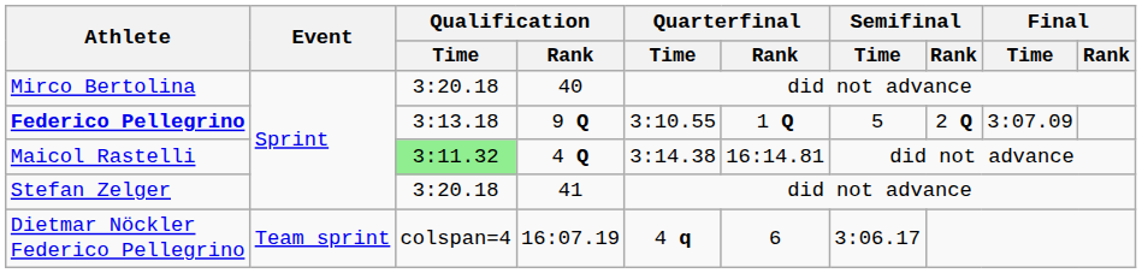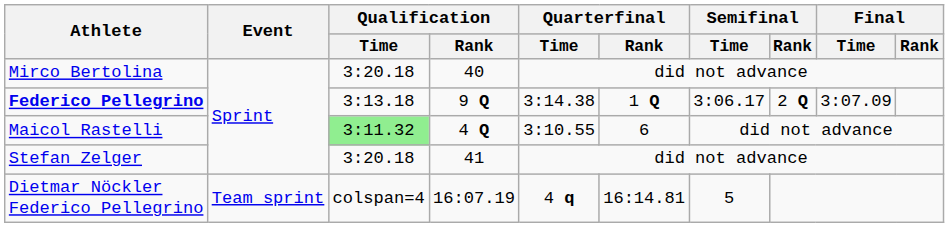 <table class="wikitable" style="font-size:90%">
 <tr>
 <th rowspan="2">Athlete</th>
 <th rowspan="2">Event</th>
 <th colspan="2">Qualification</th>
 <th colspan="2">Quarterfinal</th>
 <th colspan="2">Semifinal</th>
 <th colspan="2">Final</th>
 </tr>
 <tr style="font-size:95%">
 <th>Time</th>
 <th>Rank</th>
 <th>Time</th>
 <th>Rank</th>
 <th>Time</th>
 <th>Rank</th>
 <th>Time</th>
 <th>Rank</th>
 </tr>
 <tr align=center>
 <td align=left><a href='#'>Mirco Bertolina</a></td>
 <td align=left rowspan=4><a href='#'>Sprint</a></td>
 <td>3:20.18</td>
 <td>40</td>
 <td colspan=6>did not advance</td>
 </tr>
 <tr align=center>
 <td align=left><strong><a href='#'>Federico Pellegrino</a></strong></td>
 <td>3:13.18</td>
 <td>9 <strong>Q</strong></td>
-<td>3:10.55</td>
+<td>3:14.38</td>
 <td>1 <strong>Q</strong></td>
-<td>5</td>
+<td>3:06.17</td>
 <td>2 <strong>Q</strong></td>
 <td>3:07.09</td>
 <td></td>
 </tr>
 <tr align=center>
 <td align=left><a href='#'>Maicol Rastelli</a></td>
 <td style="background: lightgreen;">3:11.32</td>
 <td>4 <strong>Q</strong></td>
-<td>3:14.38</td>
-<td>16:14.81</td>
+<td>3:10.55</td>
+<td>6</td>
 <td colspan=4>did not advance</td>
 </tr>
 <tr align=center>
 <td align=left><a href='#'>Stefan Zelger</a></td>
 <td>3:20.18</td>
 <td>41</td>
 <td colspan=6>did not advance</td>
 </tr>
 <tr align=center>
 <td align=left><a href='#'>Dietmar Nöckler</a><br><a href='#'>Federico Pellegrino</a></td>
 <td align=left><a href='#'>Team sprint</a></td>
 <td>colspan=4 </td>
 <td>16:07.19</td>
 <td>4 <strong>q</strong></td>
-<td>6</td>
-<td>3:06.17</td>
+<td>16:14.81</td>
+<td>5</td>
 </tr>
 </table>
